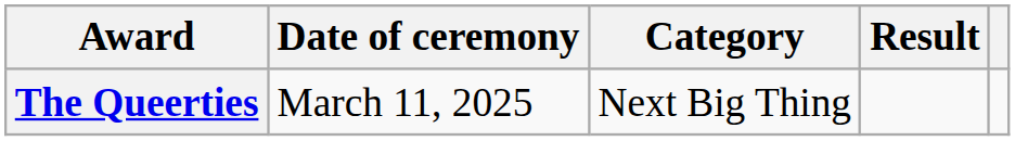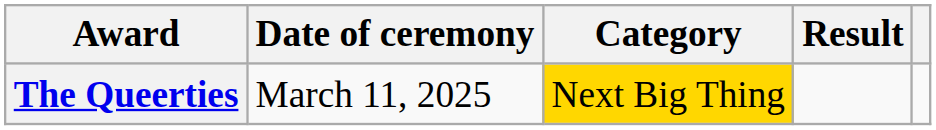 <table class="wikitable plainrowheaders sortable">
 <tr>
 <th scope="col">Award</th>
 <th scope="col">Date of ceremony</th>
 <th scope="col">Category</th>
 <th scope="col">Result</th>
 <th scope="col" class="unsortable"></th>
 </tr>
 <tr>
 <th scope="row"><a href='#'>The Queerties</a></th>
 <td rowspan="2">March 11, 2025</td>
-<td>Next Big Thing</td>
+<td style="background: gold;">Next Big Thing</td>
 <td></td>
 <td style="text-align:center;"></td>
 </tr>
 </table>
